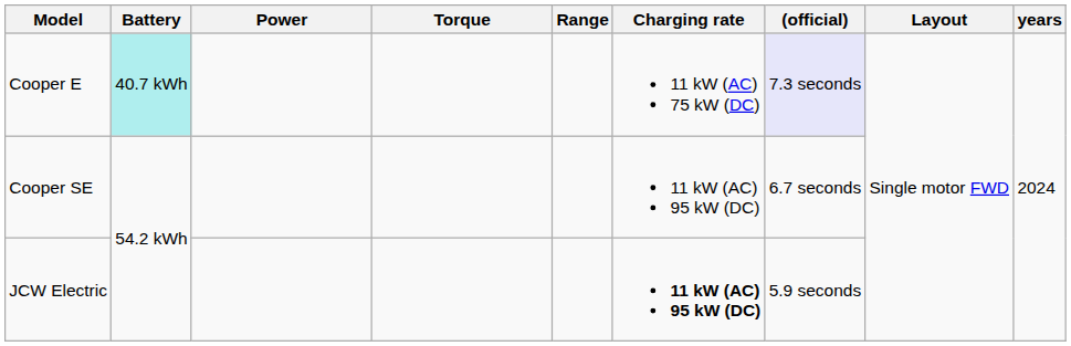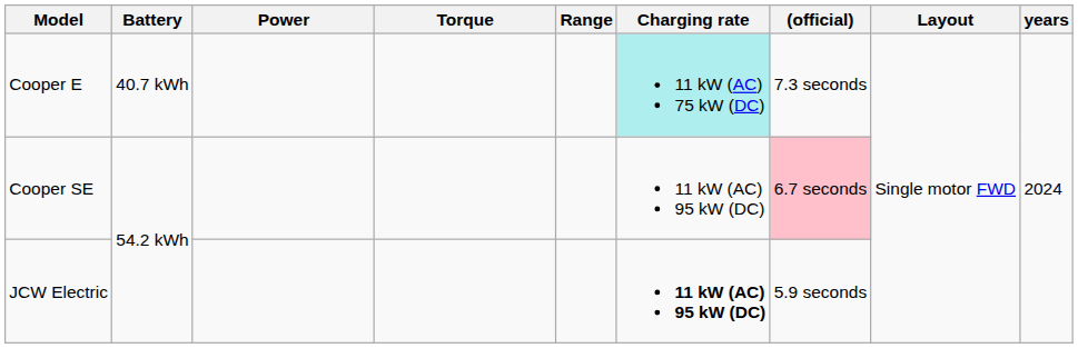 <table class="wikitable" style="text-align:left; font-size:80%;">
 <tr>
 <th>Model</th>
 <th>Battery</th>
 <th width="17%">Power</th>
 <th width="17%">Torque</th>
 <th>Range</th>
 <th>Charging rate</th>
 <th>(official)</th>
 <th>Layout</th>
 <th> years</th>
 </tr>
 <tr>
 <td>Cooper E</td>
-<td style="background: paleturquoise;">40.7 kWh</td>
+<td>40.7 kWh</td>
 <td></td>
 <td></td>
 <td></td>
-<td><br><ul><li>11 kW (<a href='#'>AC</a>)</li><li>75 kW (<a href='#'>DC</a>)</li></ul></td>
-<td style="background: lavender;">7.3 seconds</td>
+<td style="background: paleturquoise;"><br><ul><li>11 kW (<a href='#'>AC</a>)</li><li>75 kW (<a href='#'>DC</a>)</li></ul></td>
+<td>7.3 seconds</td>
 <td rowspan="3">Single motor <a href='#'>FWD</a></td>
 <td rowspan="3">2024</td>
 </tr>
 <tr>
 <td>Cooper SE</td>
 <td rowspan="2">54.2 kWh</td>
 <td></td>
 <td></td>
 <td></td>
 <td><br><ul><li>11 kW (AC)</li><li>95 kW (DC)</li></ul></td>
-<td>6.7 seconds</td>
+<td style="background: pink;">6.7 seconds</td>
 </tr>
 <tr>
 <td>JCW Electric</td>
 <td></td>
 <td></td>
 <td></td>
 <td><strong><br><ul><li>11 kW (AC)</li><li>95 kW (DC)</li></ul></strong></td>
 <td>5.9 seconds</td>
 </tr>
 </table>
